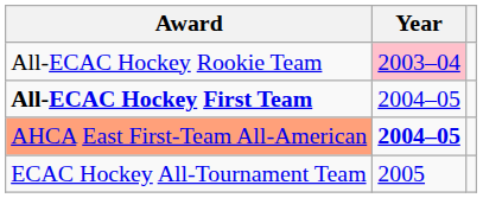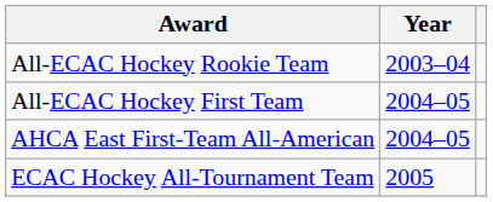 <table class="wikitable">
 <tr>
 <th>Award</th>
 <th>Year</th>
 <th></th>
 </tr>
 <tr>
 <td>All-<a href='#'>ECAC Hockey</a> <a href='#'>Rookie Team</a></td>
-<td style="background: pink;"><a href='#'>2003–04</a></td>
+<td><a href='#'>2003–04</a></td>
 <td></td>
 </tr>
 <tr>
-<td><strong>All-<a href='#'>ECAC Hockey</a> <a href='#'>First Team</a></strong></td>
+<td>All-<a href='#'>ECAC Hockey</a> <a href='#'>First Team</a></td>
 <td><a href='#'>2004–05</a></td>
 <td></td>
 </tr>
 <tr>
-<td style="background: lightsalmon;"><a href='#'>AHCA</a> <a href='#'>East First-Team All-American</a></td>
-<td><strong><a href='#'>2004–05</a></strong></td>
+<td><a href='#'>AHCA</a> <a href='#'>East First-Team All-American</a></td>
+<td><a href='#'>2004–05</a></td>
 <td></td>
 </tr>
 <tr>
 <td><a href='#'>ECAC Hockey</a> <a href='#'>All-Tournament Team</a></td>
 <td><a href='#'>2005</a></td>
 <td></td>
 </tr>
 </table>
